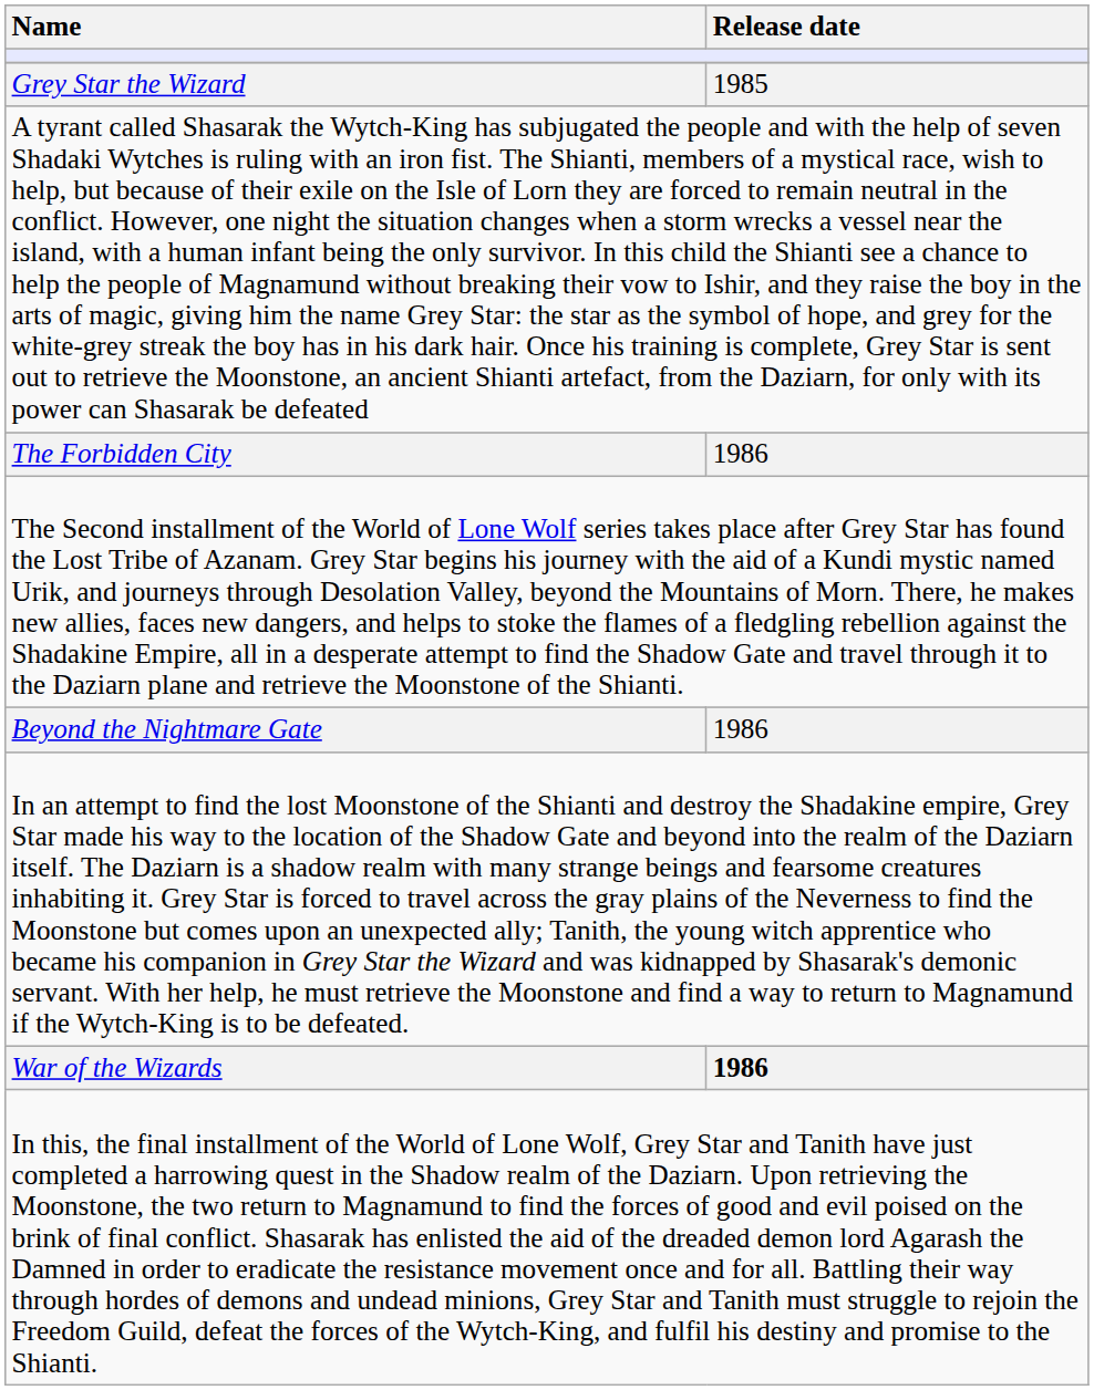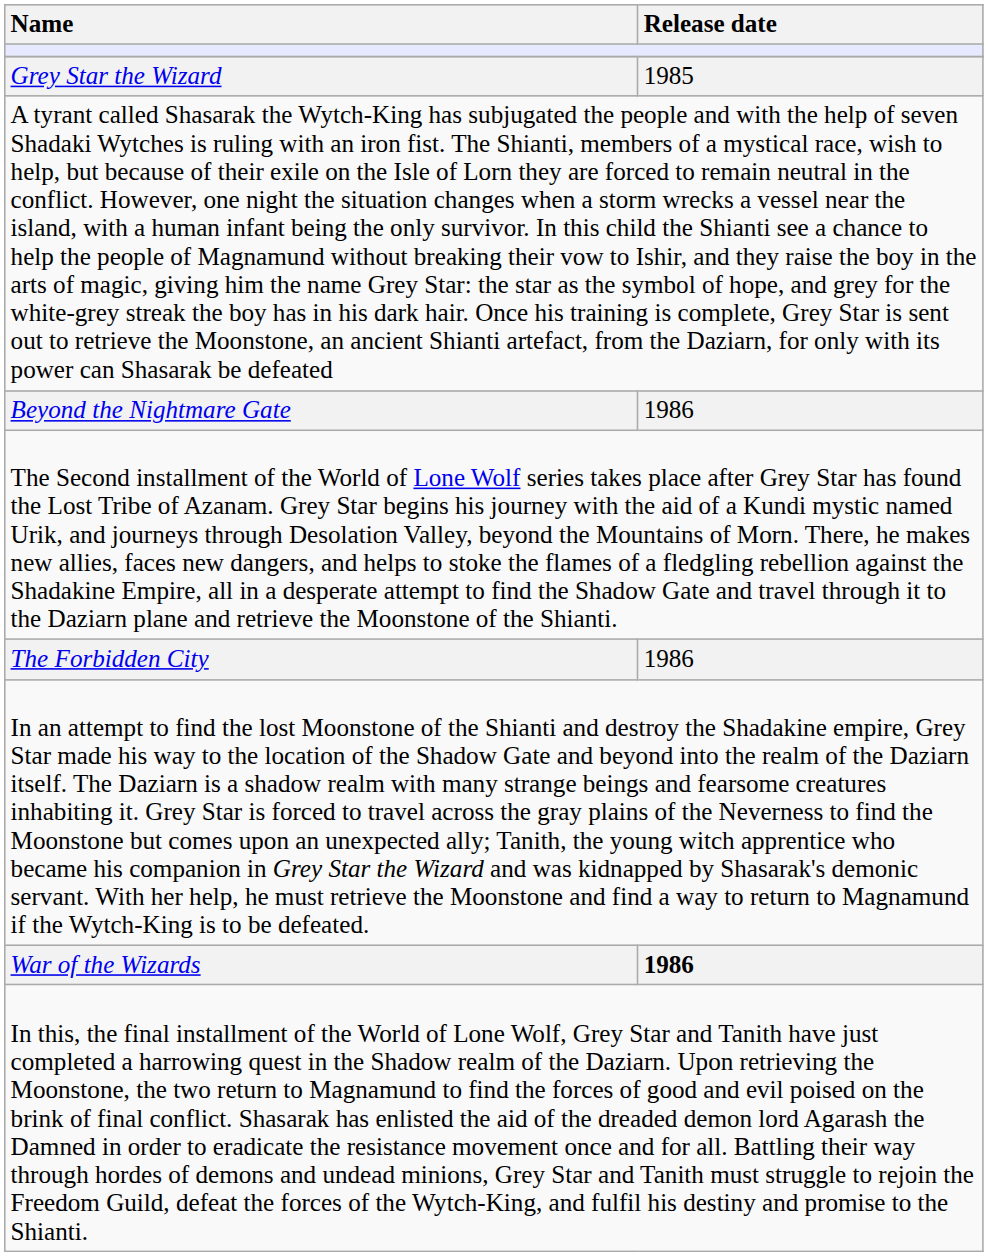 <table class="wikitable" width="100%">
 <tr>
 <th style="text-align:left;">Name</th>
 <th style="text-align:left;">Release date</th>
 </tr>
 <tr>
 <td colspan="2" bgcolor="#e6e9ff"></td>
 </tr>
 <tr>
 </tr>
 <tr bgcolor="#F2F2F2" align="left">
 <td><em> <a href='#'>Grey Star the Wizard</a></em></td>
 <td>1985</td>
 </tr>
 <tr>
 <td colspan="2" style="border: none; vertical-align: top;">A tyrant called Shasarak the Wytch-King has subjugated the people and with the help of seven Shadaki Wytches is ruling with an iron fist. The Shianti, members of a mystical race, wish to help, but because of their exile on the Isle of Lorn they are forced to remain neutral in the conflict. However, one night the situation changes when a storm wrecks a vessel near the island, with a human infant being the only survivor. In this child the Shianti see a chance to help the people of Magnamund without breaking their vow to Ishir, and they raise the boy in the arts of magic, giving him the name Grey Star: the star as the symbol of hope, and grey for the white-grey streak the boy has in his dark hair. Once his training is complete, Grey Star is sent out to retrieve the Moonstone, an ancient Shianti artefact, from the Daziarn, for only with its power can Shasarak be defeated</td>
 </tr>
 <tr bgcolor="#F2F2F2" align="left">
-<td><em><a href='#'>The Forbidden City</a></em></td>
+<td><em><a href='#'>Beyond the Nightmare Gate</a></em></td>
 <td>1986</td>
 </tr>
 <tr>
 <td colspan="2" style="border: none; vertical-align: top;"><br>The Second installment of the World of <a href='#'>Lone Wolf</a> series takes place after Grey Star has found the Lost Tribe of Azanam. Grey Star begins his journey with the aid of a Kundi mystic named Urik, and journeys through Desolation Valley, beyond the Mountains of Morn. There, he makes new allies, faces new dangers, and helps to stoke the flames of a fledgling rebellion against the Shadakine Empire, all in a desperate attempt to find the Shadow Gate and travel through it to the Daziarn plane and retrieve the Moonstone of the Shianti.</td>
 </tr>
 <tr bgcolor="#F2F2F2" align="left">
-<td><em><a href='#'>Beyond the Nightmare Gate</a></em></td>
+<td><em><a href='#'>The Forbidden City</a></em></td>
 <td>1986</td>
 </tr>
 <tr>
 <td colspan="2" style="border: none; vertical-align: top;"><br>In an attempt to find the lost Moonstone of the Shianti and destroy the Shadakine empire, Grey Star made his way to the location of the Shadow Gate and beyond into the realm of the Daziarn itself. The Daziarn is a shadow realm with many strange beings and fearsome creatures inhabiting it. Grey Star is forced to travel across the gray plains of the Neverness to find the Moonstone but comes upon an unexpected ally; Tanith, the young witch apprentice who became his companion in <em>Grey Star the Wizard</em> and was kidnapped by Shasarak's demonic servant. With her help, he must retrieve the Moonstone and find a way to return to Magnamund if the Wytch-King is to be defeated.</td>
 </tr>
 <tr bgcolor="#F2F2F2" align="left">
 <td><em><a href='#'>War of the Wizards</a></em></td>
 <td><strong>1986</strong></td>
 </tr>
 <tr>
 <td colspan="2" style="border: none; vertical-align: top;"><br>In this, the final installment of the World of Lone Wolf, Grey Star and Tanith have just completed a harrowing quest in the Shadow realm of the Daziarn. Upon retrieving the Moonstone, the two return to Magnamund to find the forces of good and evil poised on the brink of final conflict. Shasarak has enlisted the aid of the dreaded demon lord Agarash the Damned in order to eradicate the resistance movement once and for all. Battling their way through hordes of demons and undead minions, Grey Star and Tanith must struggle to rejoin the Freedom Guild, defeat the forces of the Wytch-King, and fulfil his destiny and promise to the Shianti.</td>
 </tr>
 </table>
